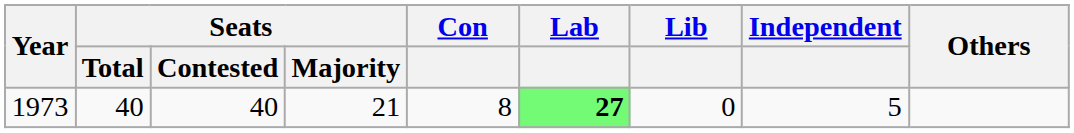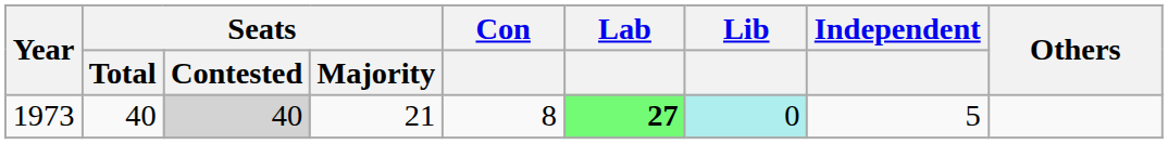 <table class="wikitable sortable mw-datatable" style="text-align:center;font-size:90%;line-height:14px;">
 <tr>
 <th rowspan="2">Year</th>
 <th Colspan="3">Seats</th>
 <th class="unsortable" style="width:50px;"><a href='#'>Con</a></th>
 <th class="unsortable" style="width:50px;"><a href='#'>Lab</a></th>
 <th class="unsortable" style="width:50px;"><a href='#'>Lib</a></th>
 <th class="unsortable" style="width:50px;"><a href='#'>Independent</a></th>
 <th rowspan="2" class="unsortable" style="width:75px;">Others</th>
 </tr>
 <tr>
 <th>Total</th>
 <th>Contested</th>
 <th>Majority</th>
 <th data-sort-type="number" style="background:"></th>
 <th data-sort-type="number" style="background:"></th>
 <th data-sort-type="number" style="background:"></th>
 <th data-sort-type="number" style="background:"></th>
 </tr>
 <tr>
 <td>1973</td>
 <td style="text-align:right">40</td>
-<td style="text-align:right">40</td>
+<td style="background: lightgrey; text-align:right">40</td>
 <td style="text-align:right">21</td>
 <td style="text-align:right">8</td>
 <td scope="row" style="text-align: right; font-weight: bold; background-color:#73FB76;">27</td>
-<td style="text-align:right">0</td>
+<td style="background: paleturquoise; text-align:right">0</td>
 <td style="text-align:right">5</td>
 <td style="text-align:right"></td>
 </tr>
 </table>
